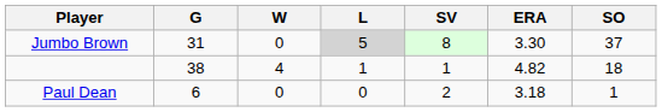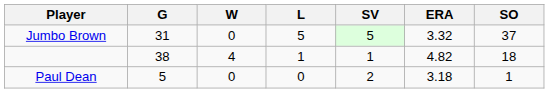 <table class="wikitable sortable">
 <tr>
 <th bgcolor="#DDDDFF" width="16%">Player</th>
 <th bgcolor="#DDDDFF" width="9%">G</th>
 <th bgcolor="#DDDDFF" width="9%">W</th>
 <th bgcolor="#DDDDFF" width="9%">L</th>
 <th bgcolor="#DDDDFF" width="9%">SV</th>
 <th bgcolor="#DDDDFF" width="9%">ERA</th>
 <th bgcolor="#DDDDFF" width="9%">SO</th>
 </tr>
 <tr align="center">
 <td><a href='#'>Jumbo Brown</a></td>
 <td>31</td>
 <td>0</td>
-<td style="background: lightgrey;">5</td>
-<td style="background:#DDFFDD;">8</td>
-<td>3.30</td>
+<td>5</td>
+<td style="background:#DDFFDD;">5</td>
+<td>3.32</td>
 <td>37</td>
 </tr>
 <tr align=center>
 <td></td>
 <td>38</td>
 <td>4</td>
 <td>1</td>
 <td>1</td>
 <td>4.82</td>
 <td>18</td>
 </tr>
 <tr align="center">
 <td><a href='#'>Paul Dean</a></td>
-<td>6</td>
+<td>5</td>
 <td>0</td>
 <td>0</td>
 <td>2</td>
 <td>3.18</td>
 <td>1</td>
 </tr>
 </table>
